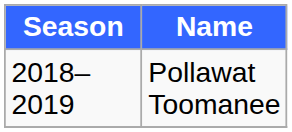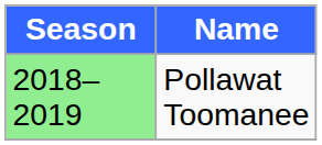 <table class="wikitable">
 <tr>
 <th width="70px" style="background: #3366FF; color: white; text-align: center">Season</th>
 <th width="70px" style="background: #3366FF; color: white">Name</th>
 </tr>
 <tr style="text-align:left;">
-<td>2018–2019</td>
+<td style="background: lightgreen;">2018–2019</td>
 <td> Pollawat Toomanee</td>
 </tr>
 <tr>
 </tr>
 </table>
